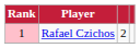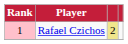 <table class="wikitable" style="text-align:center">
 <tr>
 <th style="background:#C41E3A; color:white; text-align:center;">Rank</th>
 <th style="background:#C41E3A; color:white; text-align:center;">Player</th>
 <th style="background:#C41E3A; color:white; text-align:center;"></th>
 <th style="background:#C41E3A; color:white; text-align:center;"></th>
 </tr>
 <tr>
 <td style="background: pink;">1</td>
 <td> <a href='#'>Rafael Czichos</a></td>
-<td>2</td>
+<td style="background: khaki;">2</td>
 <td></td>
 </tr>
 <tr>
 </tr>
 </table>
